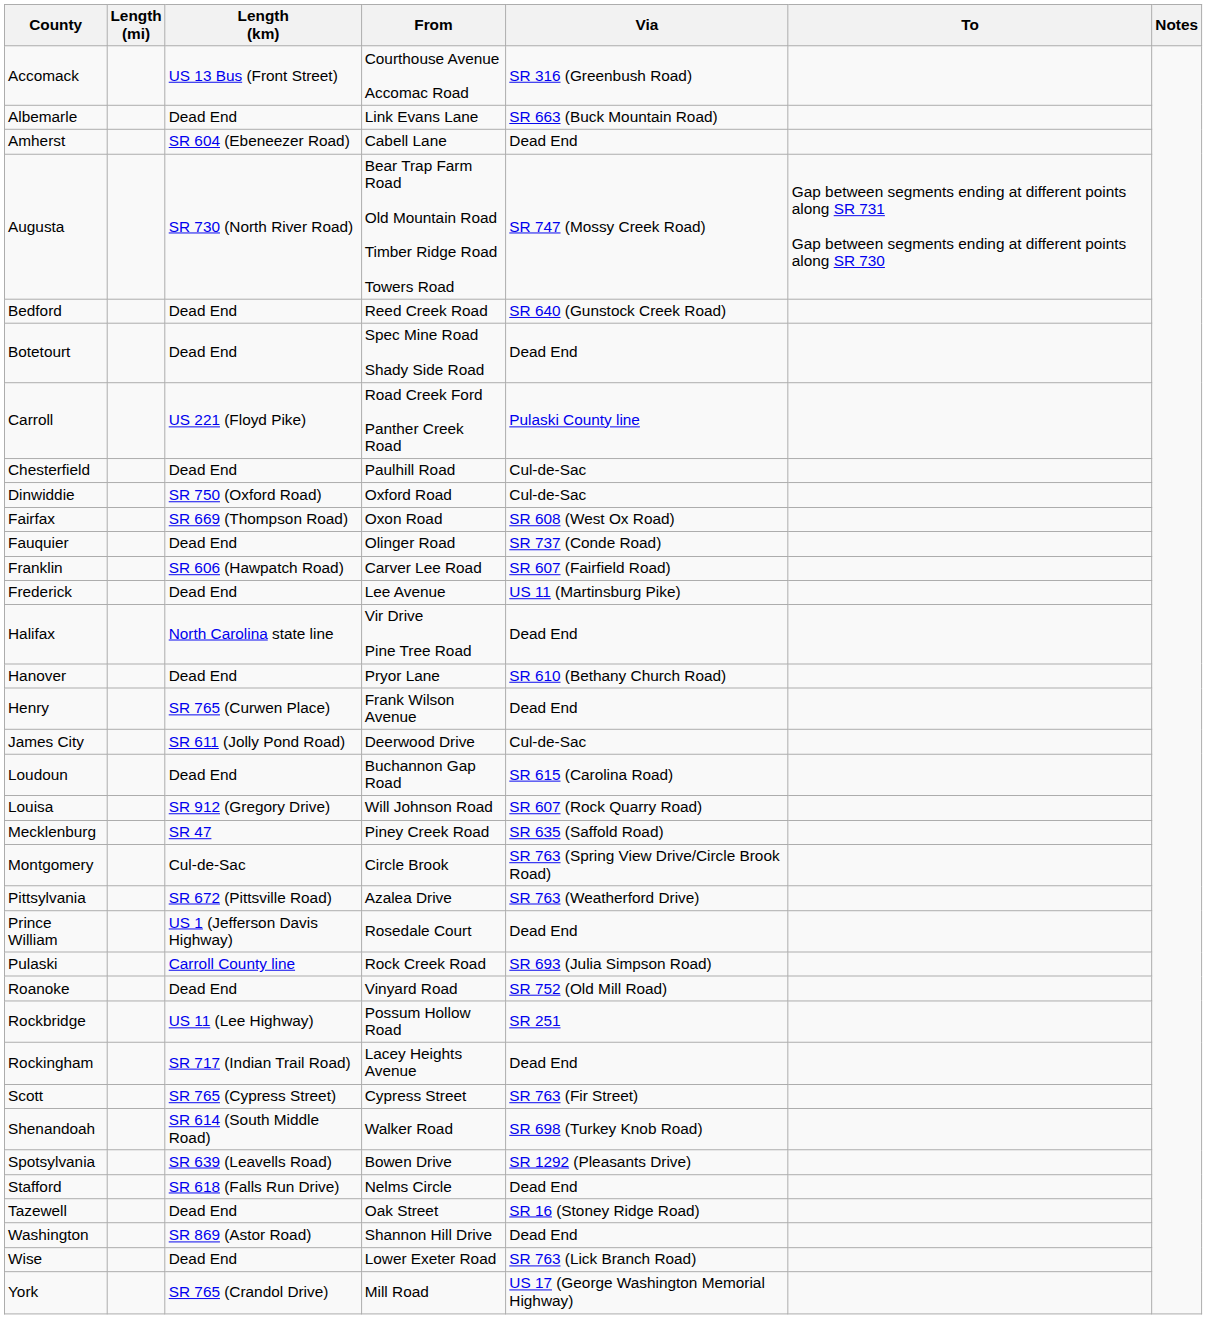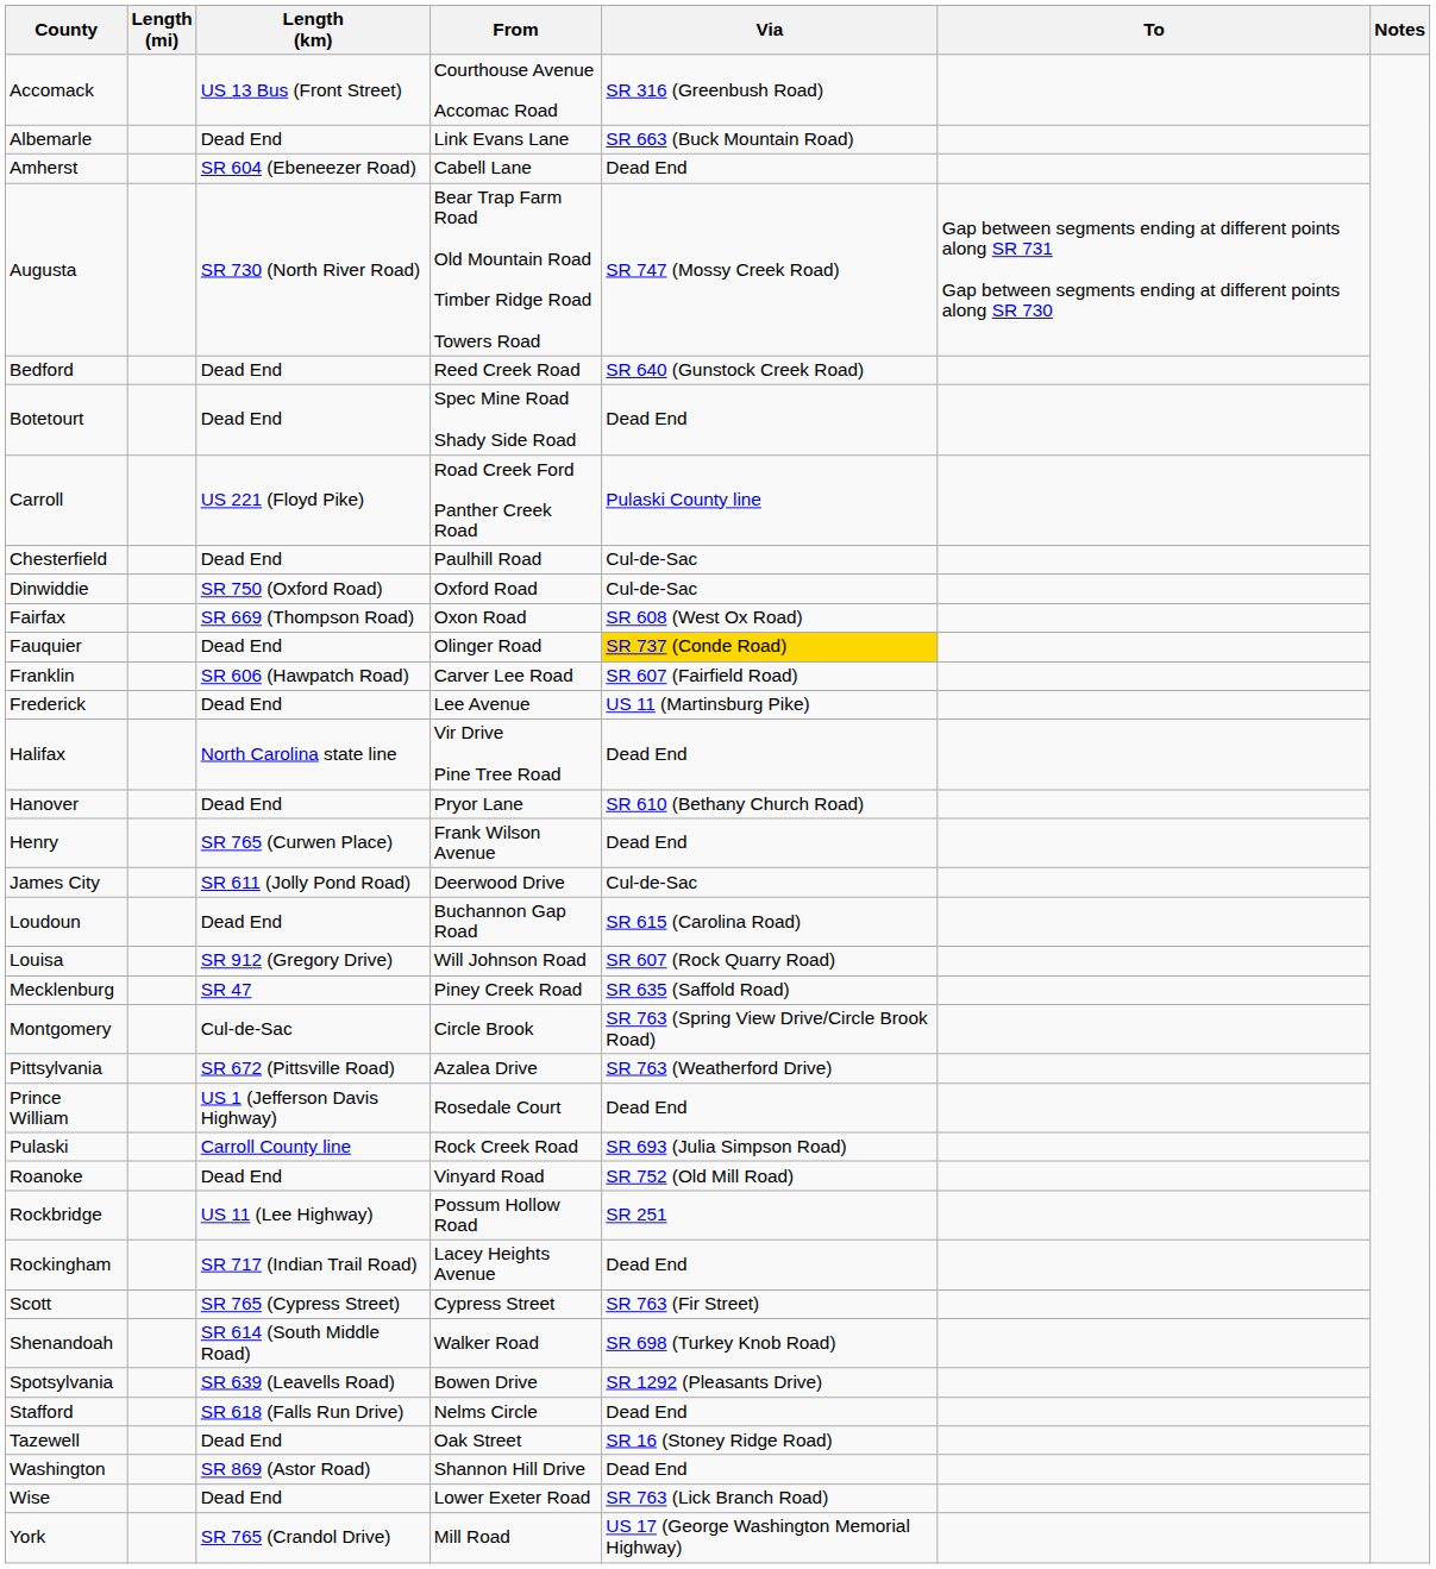 <table class="wikitable sortable">
 <tr>
 <th>County</th>
 <th>Length<br>(mi)</th>
 <th>Length<br>(km)</th>
 <th class="unsortable">From</th>
 <th class="unsortable">Via</th>
 <th class="unsortable">To</th>
 <th class="unsortable">Notes</th>
 </tr>
 <tr>
 <td id="Accomack">Accomack</td>
 <td></td>
 <td><a href='#'>US 13 Bus</a> (Front Street)</td>
 <td>Courthouse Avenue<br><br>Accomac Road</td>
 <td><a href='#'>SR 316</a> (Greenbush Road)</td>
 <td></td>
 </tr>
 <tr>
 <td id="Albemarle">Albemarle</td>
 <td></td>
 <td>Dead End</td>
 <td>Link Evans Lane</td>
 <td><a href='#'>SR 663</a> (Buck Mountain Road)</td>
 <td><br> </td>
 </tr>
 <tr>
 <td id="Amherst">Amherst</td>
 <td></td>
 <td><a href='#'>SR 604</a> (Ebeneezer Road)</td>
 <td>Cabell Lane</td>
 <td>Dead End</td>
 <td><br> </td>
 </tr>
 <tr>
 <td id="Augusta">Augusta</td>
 <td></td>
 <td><a href='#'>SR 730</a> (North River Road)</td>
 <td>Bear Trap Farm Road<br><br>Old Mountain Road<br><br>Timber Ridge Road<br><br>Towers Road</td>
 <td><a href='#'>SR 747</a> (Mossy Creek Road)</td>
 <td>Gap between segments ending at different points along <a href='#'>SR 731</a><br><br>Gap between segments ending at different points along <a href='#'>SR 730</a><br></td>
 </tr>
 <tr>
 <td id="Bedford">Bedford</td>
 <td></td>
 <td>Dead End</td>
 <td>Reed Creek Road</td>
 <td><a href='#'>SR 640</a> (Gunstock Creek Road)</td>
 <td><br></td>
 </tr>
 <tr>
 <td id="Botetourt">Botetourt</td>
 <td></td>
 <td>Dead End</td>
 <td>Spec Mine Road<br><br>Shady Side Road</td>
 <td>Dead End</td>
 <td><br>    </td>
 </tr>
 <tr>
 <td id="Carroll">Carroll</td>
 <td></td>
 <td><a href='#'>US 221</a> (Floyd Pike)</td>
 <td>Road Creek Ford<br><br>Panther Creek Road</td>
 <td><a href='#'>Pulaski County line</a></td>
 <td><br> </td>
 </tr>
 <tr>
 <td id="Chesterfield">Chesterfield</td>
 <td></td>
 <td>Dead End</td>
 <td>Paulhill Road</td>
 <td>Cul-de-Sac</td>
 <td><br>    </td>
 </tr>
 <tr>
 <td id="Dinwiddie">Dinwiddie</td>
 <td></td>
 <td><a href='#'>SR 750</a> (Oxford Road)</td>
 <td>Oxford Road</td>
 <td>Cul-de-Sac</td>
 <td><br></td>
 </tr>
 <tr>
 <td id="Fairfax">Fairfax</td>
 <td></td>
 <td><a href='#'>SR 669</a> (Thompson Road)</td>
 <td>Oxon Road</td>
 <td><a href='#'>SR 608</a> (West Ox Road)</td>
 <td></td>
 </tr>
 <tr>
 <td id="Fauquier">Fauquier</td>
 <td></td>
 <td>Dead End</td>
 <td>Olinger Road</td>
-<td><a href='#'>SR 737</a> (Conde Road)</td>
+<td style="background: gold;"><a href='#'>SR 737</a> (Conde Road)</td>
 <td><br> </td>
 </tr>
 <tr>
 <td id="Franklin">Franklin</td>
 <td></td>
 <td><a href='#'>SR 606</a> (Hawpatch Road)</td>
 <td>Carver Lee Road</td>
 <td><a href='#'>SR 607</a> (Fairfield Road)</td>
 <td></td>
 </tr>
 <tr>
 <td id="Frederick">Frederick</td>
 <td></td>
 <td>Dead End</td>
 <td>Lee Avenue</td>
 <td><a href='#'>US 11</a> (Martinsburg Pike)</td>
 <td><br>     </td>
 </tr>
 <tr>
 <td id="Halifax">Halifax</td>
 <td></td>
 <td><a href='#'>North Carolina</a> state line</td>
 <td>Vir Drive<br><br>Pine Tree Road</td>
 <td>Dead End</td>
 <td></td>
 </tr>
 <tr>
 <td id="Hanover">Hanover</td>
 <td></td>
 <td>Dead End</td>
 <td>Pryor Lane</td>
 <td><a href='#'>SR 610</a> (Bethany Church Road)</td>
 <td><br></td>
 </tr>
 <tr>
 <td id="Henry">Henry</td>
 <td></td>
 <td><a href='#'>SR 765</a> (Curwen Place)</td>
 <td>Frank Wilson Avenue</td>
 <td>Dead End</td>
 <td><br> </td>
 </tr>
 <tr>
 <td id="James City">James City</td>
 <td></td>
 <td><a href='#'>SR 611</a> (Jolly Pond Road)</td>
 <td>Deerwood Drive</td>
 <td>Cul-de-Sac</td>
 <td><br>    </td>
 </tr>
 <tr>
 <td id="Loudoun">Loudoun</td>
 <td></td>
 <td>Dead End</td>
 <td>Buchannon Gap Road</td>
 <td><a href='#'>SR 615</a> (Carolina Road)</td>
 <td></td>
 </tr>
 <tr>
 <td id="Louisa">Louisa</td>
 <td></td>
 <td><a href='#'>SR 912</a> (Gregory Drive)</td>
 <td>Will Johnson Road</td>
 <td><a href='#'>SR 607</a> (Rock Quarry Road)</td>
 <td><br>  </td>
 </tr>
 <tr>
 <td id="Mecklenburg">Mecklenburg</td>
 <td></td>
 <td><a href='#'>SR 47</a></td>
 <td>Piney Creek Road</td>
 <td><a href='#'>SR 635</a> (Saffold Road)</td>
 <td><br></td>
 </tr>
 <tr>
 <td id="Montgomery">Montgomery</td>
 <td></td>
 <td>Cul-de-Sac</td>
 <td>Circle Brook</td>
 <td><a href='#'>SR 763</a> (Spring View Drive/Circle Brook Road)</td>
 <td><br>       </td>
 </tr>
 <tr>
 <td id="Pittsylvania">Pittsylvania</td>
 <td></td>
 <td><a href='#'>SR 672</a> (Pittsville Road)</td>
 <td>Azalea Drive</td>
 <td><a href='#'>SR 763</a> (Weatherford Drive)</td>
 <td><br>  </td>
 </tr>
 <tr>
 <td id="Prince William">Prince William</td>
 <td></td>
 <td><a href='#'>US 1</a> (Jefferson Davis Highway)</td>
 <td>Rosedale Court</td>
 <td>Dead End</td>
 <td></td>
 </tr>
 <tr>
 <td id="Pulaski">Pulaski</td>
 <td></td>
 <td><a href='#'>Carroll County line</a></td>
 <td>Rock Creek Road</td>
 <td><a href='#'>SR 693</a> (Julia Simpson Road)</td>
 <td><br> </td>
 </tr>
 <tr>
 <td id="Roanoke">Roanoke</td>
 <td></td>
 <td>Dead End</td>
 <td>Vinyard Road</td>
 <td><a href='#'>SR 752</a> (Old Mill Road)</td>
 <td></td>
 </tr>
 <tr>
 <td id="Rockbridge">Rockbridge</td>
 <td></td>
 <td><a href='#'>US 11</a> (Lee Highway)</td>
 <td>Possum Hollow Road</td>
 <td><a href='#'>SR 251</a></td>
 <td></td>
 </tr>
 <tr>
 <td id="Rockingham">Rockingham</td>
 <td></td>
 <td><a href='#'>SR 717</a> (Indian Trail Road)</td>
 <td>Lacey Heights Avenue</td>
 <td>Dead End</td>
 <td><br></td>
 </tr>
 <tr>
 <td id="Scott">Scott</td>
 <td></td>
 <td><a href='#'>SR 765</a> (Cypress Street)</td>
 <td>Cypress Street</td>
 <td><a href='#'>SR 763</a> (Fir Street)</td>
 <td></td>
 </tr>
 <tr>
 <td id="Shenandoah">Shenandoah</td>
 <td></td>
 <td><a href='#'>SR 614</a> (South Middle Road)</td>
 <td>Walker Road</td>
 <td><a href='#'>SR 698</a> (Turkey Knob Road)</td>
 <td><br> </td>
 </tr>
 <tr>
 <td id="Spotsylvania">Spotsylvania</td>
 <td></td>
 <td><a href='#'>SR 639</a> (Leavells Road)</td>
 <td>Bowen Drive</td>
 <td><a href='#'>SR 1292</a> (Pleasants Drive)</td>
 <td></td>
 </tr>
 <tr>
 <td id="Stafford">Stafford</td>
 <td></td>
 <td><a href='#'>SR 618</a> (Falls Run Drive)</td>
 <td>Nelms Circle</td>
 <td>Dead End</td>
 <td><br> </td>
 </tr>
 <tr>
 <td id="Tazewell">Tazewell</td>
 <td></td>
 <td>Dead End</td>
 <td>Oak Street</td>
 <td><a href='#'>SR 16</a> (Stoney Ridge Road)</td>
 <td><br></td>
 </tr>
 <tr>
 <td id="Washington">Washington</td>
 <td></td>
 <td><a href='#'>SR 869</a> (Astor Road)</td>
 <td>Shannon Hill Drive</td>
 <td>Dead End</td>
 <td><br></td>
 </tr>
 <tr>
 <td id="Wise">Wise</td>
 <td></td>
 <td>Dead End</td>
 <td>Lower Exeter Road</td>
 <td><a href='#'>SR 763</a> (Lick Branch Road)</td>
 <td><br></td>
 </tr>
 <tr>
 <td id="York">York</td>
 <td></td>
 <td><a href='#'>SR 765</a> (Crandol Drive)</td>
 <td>Mill Road</td>
 <td><a href='#'>US 17</a> (George Washington Memorial Highway)</td>
 <td></td>
 </tr>
 </table>
